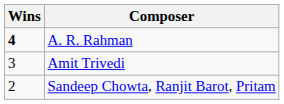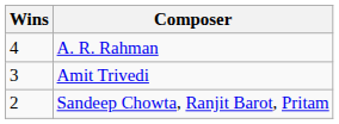 <table class="wikitable">
 <tr>
 <th>Wins</th>
 <th>Composer</th>
 </tr>
 <tr>
-<td><strong>4</strong></td>
+<td>4</td>
 <td><a href='#'>A. R. Rahman</a></td>
 </tr>
 <tr>
 <td>3</td>
 <td><a href='#'>Amit Trivedi</a></td>
 </tr>
 <tr>
 <td>2</td>
 <td><a href='#'>Sandeep Chowta</a>, <a href='#'>Ranjit Barot</a>, <a href='#'>Pritam</a></td>
 </tr>
 </table>
